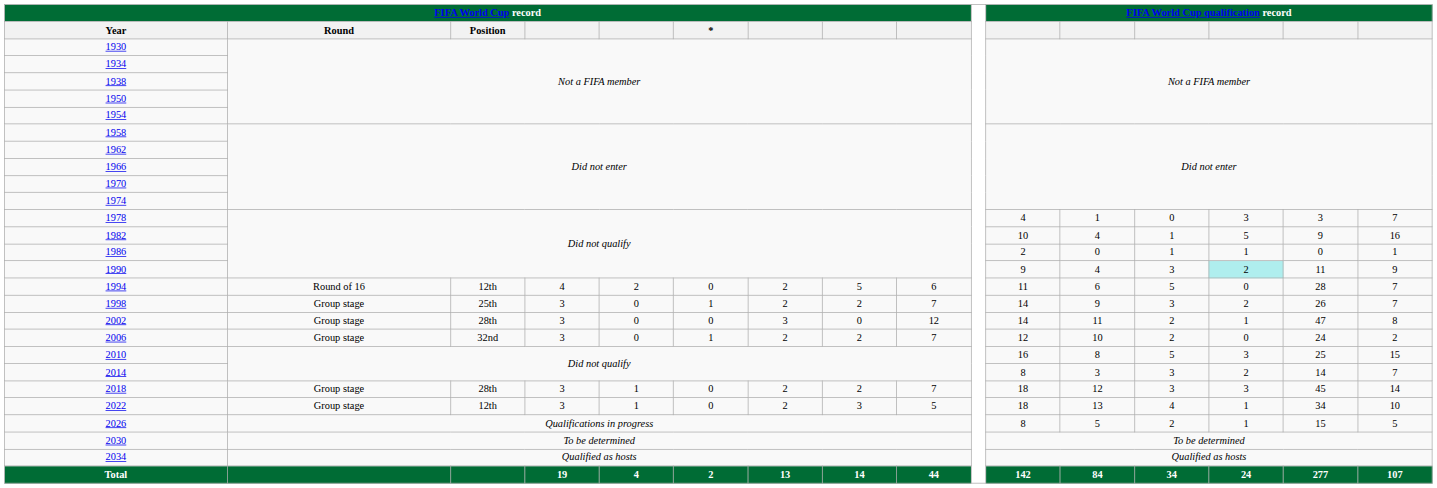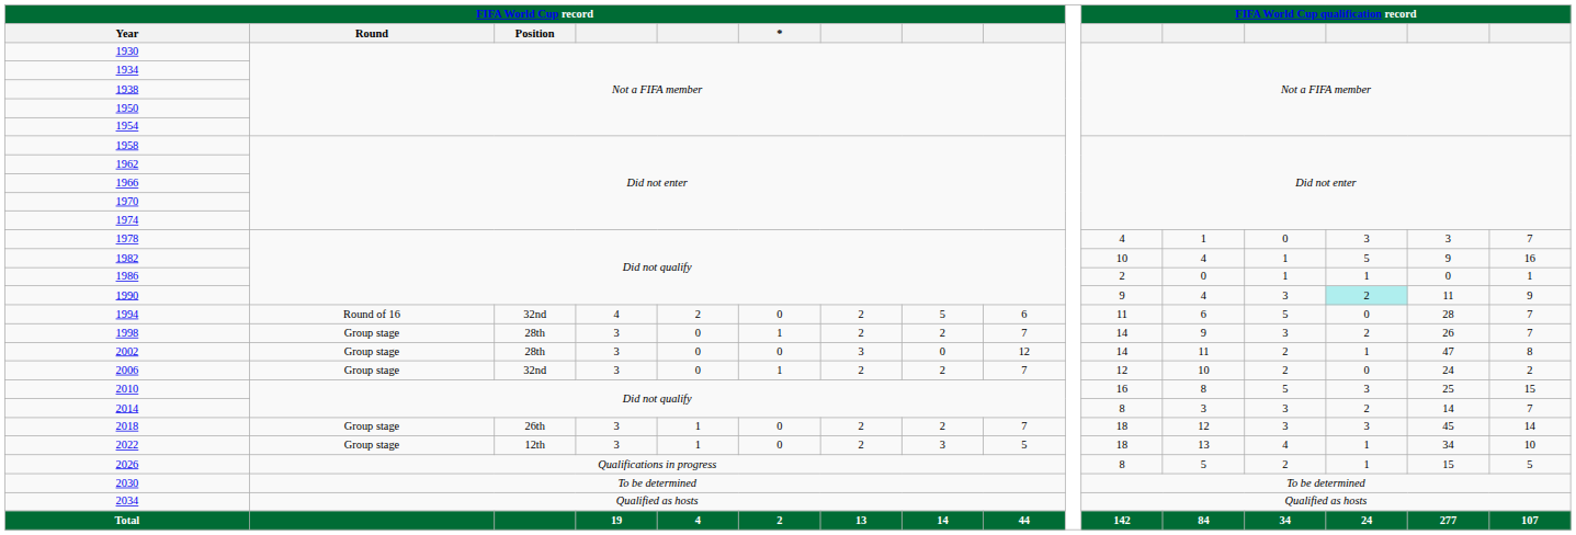 <table class="wikitable" class="wikitable" style="font-size:90%; text-align:center; width:100%">
 <tr>
 <th colspan="9" style="background:#006C35; color:white; "><a href='#'><span>FIFA World Cup</span></a> record</th>
 <th rowspan="38" style="width:1%;background:white"></th>
 <th colspan="6" style="background:#006C35; color:white; "><a href='#'><span>FIFA World Cup qualification</span></a> record</th>
 </tr>
 <tr>
 <th width="15%">Year</th>
 <th width="15%">Round</th>
 <th width="5%">Position</th>
 <th width="5%"></th>
 <th width="5%"></th>
 <th width="5%">*</th>
 <th width="5%"></th>
 <th width="5%"></th>
 <th width="5%"></th>
 <th width="5%"></th>
 <th width="5%"></th>
 <th width="5%"></th>
 <th width="5%"></th>
 <th width="5%"></th>
 <th width="5%"></th>
 </tr>
 <tr>
 <td> <a href='#'>1930</a></td>
 <td colspan="8" rowspan="5"><em>Not a FIFA member</em></td>
 <td colspan="6" rowspan="5"><em>Not a FIFA member</em></td>
 </tr>
 <tr>
 <td> <a href='#'>1934</a></td>
 </tr>
 <tr>
 <td> <a href='#'>1938</a></td>
 </tr>
 <tr>
 <td> <a href='#'>1950</a></td>
 </tr>
 <tr>
 <td> <a href='#'>1954</a></td>
 </tr>
 <tr>
 <td> <a href='#'>1958</a></td>
 <td colspan="8" rowspan="5"><em>Did not enter</em></td>
 <td colspan="6" rowspan="5"><em>Did not enter</em></td>
 </tr>
 <tr>
 <td> <a href='#'>1962</a></td>
 </tr>
 <tr>
 <td> <a href='#'>1966</a></td>
 </tr>
 <tr>
 <td> <a href='#'>1970</a></td>
 </tr>
 <tr>
 <td> <a href='#'>1974</a></td>
 </tr>
 <tr>
 <td> <a href='#'>1978</a></td>
 <td colspan="8" rowspan="4"><em>Did not qualify</em></td>
 <td>4</td>
 <td>1</td>
 <td>0</td>
 <td>3</td>
 <td>3</td>
 <td>7</td>
 </tr>
 <tr>
 <td> <a href='#'>1982</a></td>
 <td>10</td>
 <td>4</td>
 <td>1</td>
 <td>5</td>
 <td>9</td>
 <td>16</td>
 </tr>
 <tr>
 <td> <a href='#'>1986</a></td>
 <td>2</td>
 <td>0</td>
 <td>1</td>
 <td>1</td>
 <td>0</td>
 <td>1</td>
 </tr>
 <tr>
 <td> <a href='#'>1990</a></td>
 <td>9</td>
 <td>4</td>
 <td>3</td>
 <td style="background: paleturquoise;">2</td>
 <td>11</td>
 <td>9</td>
 </tr>
 <tr>
 <td> <a href='#'>1994</a></td>
 <td>Round of 16</td>
-<td>12th</td>
+<td>32nd</td>
 <td>4</td>
 <td>2</td>
 <td>0</td>
 <td>2</td>
 <td>5</td>
 <td>6</td>
 <td>11</td>
 <td>6</td>
 <td>5</td>
 <td>0</td>
 <td>28</td>
 <td>7</td>
 </tr>
 <tr>
 <td> <a href='#'>1998</a></td>
 <td>Group stage</td>
-<td>25th</td>
+<td>28th</td>
 <td>3</td>
 <td>0</td>
 <td>1</td>
 <td>2</td>
 <td>2</td>
 <td>7</td>
 <td>14</td>
 <td>9</td>
 <td>3</td>
 <td>2</td>
 <td>26</td>
 <td>7</td>
 </tr>
 <tr>
 <td>  <a href='#'>2002</a></td>
 <td>Group stage</td>
 <td>28th</td>
 <td>3</td>
 <td>0</td>
 <td>0</td>
 <td>3</td>
 <td>0</td>
 <td>12</td>
 <td>14</td>
 <td>11</td>
 <td>2</td>
 <td>1</td>
 <td>47</td>
 <td>8</td>
 </tr>
 <tr>
 <td> <a href='#'>2006</a></td>
 <td>Group stage</td>
 <td>32nd</td>
 <td>3</td>
 <td>0</td>
 <td>1</td>
 <td>2</td>
 <td>2</td>
 <td>7</td>
 <td>12</td>
 <td>10</td>
 <td>2</td>
 <td>0</td>
 <td>24</td>
 <td>2</td>
 </tr>
 <tr>
 <td> <a href='#'>2010</a></td>
 <td colspan="8" rowspan="2"><em>Did not qualify</em></td>
 <td>16</td>
 <td>8</td>
 <td>5</td>
 <td>3</td>
 <td>25</td>
 <td>15</td>
 </tr>
 <tr>
 <td> <a href='#'>2014</a></td>
 <td>8</td>
 <td>3</td>
 <td>3</td>
 <td>2</td>
 <td>14</td>
 <td>7</td>
 </tr>
 <tr>
 <td> <a href='#'>2018</a></td>
 <td>Group stage</td>
-<td>28th</td>
+<td>26th</td>
 <td>3</td>
 <td>1</td>
 <td>0</td>
 <td>2</td>
 <td>2</td>
 <td>7</td>
 <td>18</td>
 <td>12</td>
 <td>3</td>
 <td>3</td>
 <td>45</td>
 <td>14</td>
 </tr>
 <tr>
 <td> <a href='#'>2022</a></td>
 <td>Group stage</td>
 <td>12th</td>
 <td>3</td>
 <td>1</td>
 <td>0</td>
 <td>2</td>
 <td>3</td>
 <td>5</td>
 <td>18</td>
 <td>13</td>
 <td>4</td>
 <td>1</td>
 <td>34</td>
 <td>10</td>
 </tr>
 <tr>
 <td>   <a href='#'>2026</a></td>
 <td colspan="8"><em>Qualifications in progress</em></td>
 <td>8</td>
 <td>5</td>
 <td>2</td>
 <td>1</td>
 <td>15</td>
 <td>5</td>
 </tr>
 <tr>
 <td>   <a href='#'>2030</a></td>
 <td colspan="8"><em>To be determined</em></td>
 <td colspan="6"><em>To be determined</em></td>
 </tr>
 <tr>
 <td> <a href='#'>2034</a></td>
 <td colspan="8"><em>Qualified as hosts</em></td>
 <td colspan="6"><em>Qualified as hosts</em></td>
 </tr>
 <tr>
 <th style="background:#006C35; color:white; ">Total</th>
 <th style="background:#006C35; color:white; "></th>
 <th style="background:#006C35; color:white; "></th>
 <th style="background:#006C35; color:white; ">19</th>
 <th style="background:#006C35; color:white; ">4</th>
 <th style="background:#006C35; color:white; ">2</th>
 <th style="background:#006C35; color:white; ">13</th>
 <th style="background:#006C35; color:white; ">14</th>
 <th style="background:#006C35; color:white; ">44</th>
 <th style="background:#006C35; color:white; ">142</th>
 <th style="background:#006C35; color:white; ">84</th>
 <th style="background:#006C35; color:white; ">34</th>
 <th style="background:#006C35; color:white; ">24</th>
 <th style="background:#006C35; color:white; ">277</th>
 <th style="background:#006C35; color:white; ">107</th>
 </tr>
 </table>
